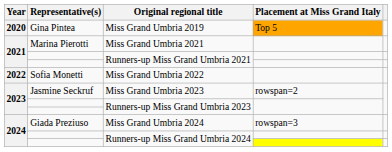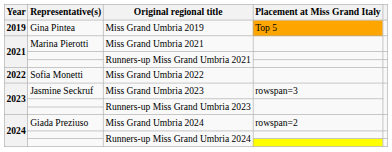 <table class="wikitable defaultcenter col2left" style="font-size:95%;">
 <tr>
 <th>Year</th>
 <th>Representative(s)</th>
 <th>Original regional title</th>
 <th>Placement at Miss Grand Italy</th>
 <th></th>
 </tr>
 <tr>
-<th>2020</th>
+<th>2019</th>
 <td>Gina Pintea</td>
 <td>Miss Grand Umbria 2019</td>
 <td bgcolor=orange>Top 5</td>
 <td></td>
 </tr>
 <tr>
 <th rowspan=3>2021</th>
 <td>Marina Pierotti</td>
 <td>Miss Grand Umbria 2021</td>
 <td></td>
 <td></td>
 </tr>
 <tr>
 <td></td>
 <td rowspan=2>Runners-up Miss Grand Umbria 2021</td>
 <td></td>
 <td></td>
 </tr>
 <tr>
 <td></td>
 <td></td>
 <td></td>
 </tr>
 <tr>
 <th>2022</th>
 <td>Sofia Monetti</td>
 <td>Miss Grand Umbria 2022</td>
 <td></td>
 <td></td>
 </tr>
 <tr>
 <th rowspan=3>2023</th>
 <td>Jasmine Seckruf</td>
 <td>Miss Grand Umbria 2023</td>
-<td>rowspan=2 </td>
+<td>rowspan=3 </td>
 <td rowspan=3></td>
 </tr>
 <tr>
 <td></td>
 <td rowspan=2>Runners-up Miss Grand Umbria 2023</td>
 </tr>
 <tr>
 <td></td>
 </tr>
 <tr>
 <th rowspan=3>2024</th>
 <td>Giada Preziuso</td>
 <td>Miss Grand Umbria 2024</td>
-<td>rowspan=3 </td>
+<td>rowspan=2 </td>
 <td></td>
 </tr>
 <tr>
 <td></td>
 <td rowspan=2>Runners-up Miss Grand Umbria 2024</td>
 <td></td>
 </tr>
 <tr>
 <td></td>
 <td bgcolor=yellow></td>
 <td></td>
 </tr>
 </table>
